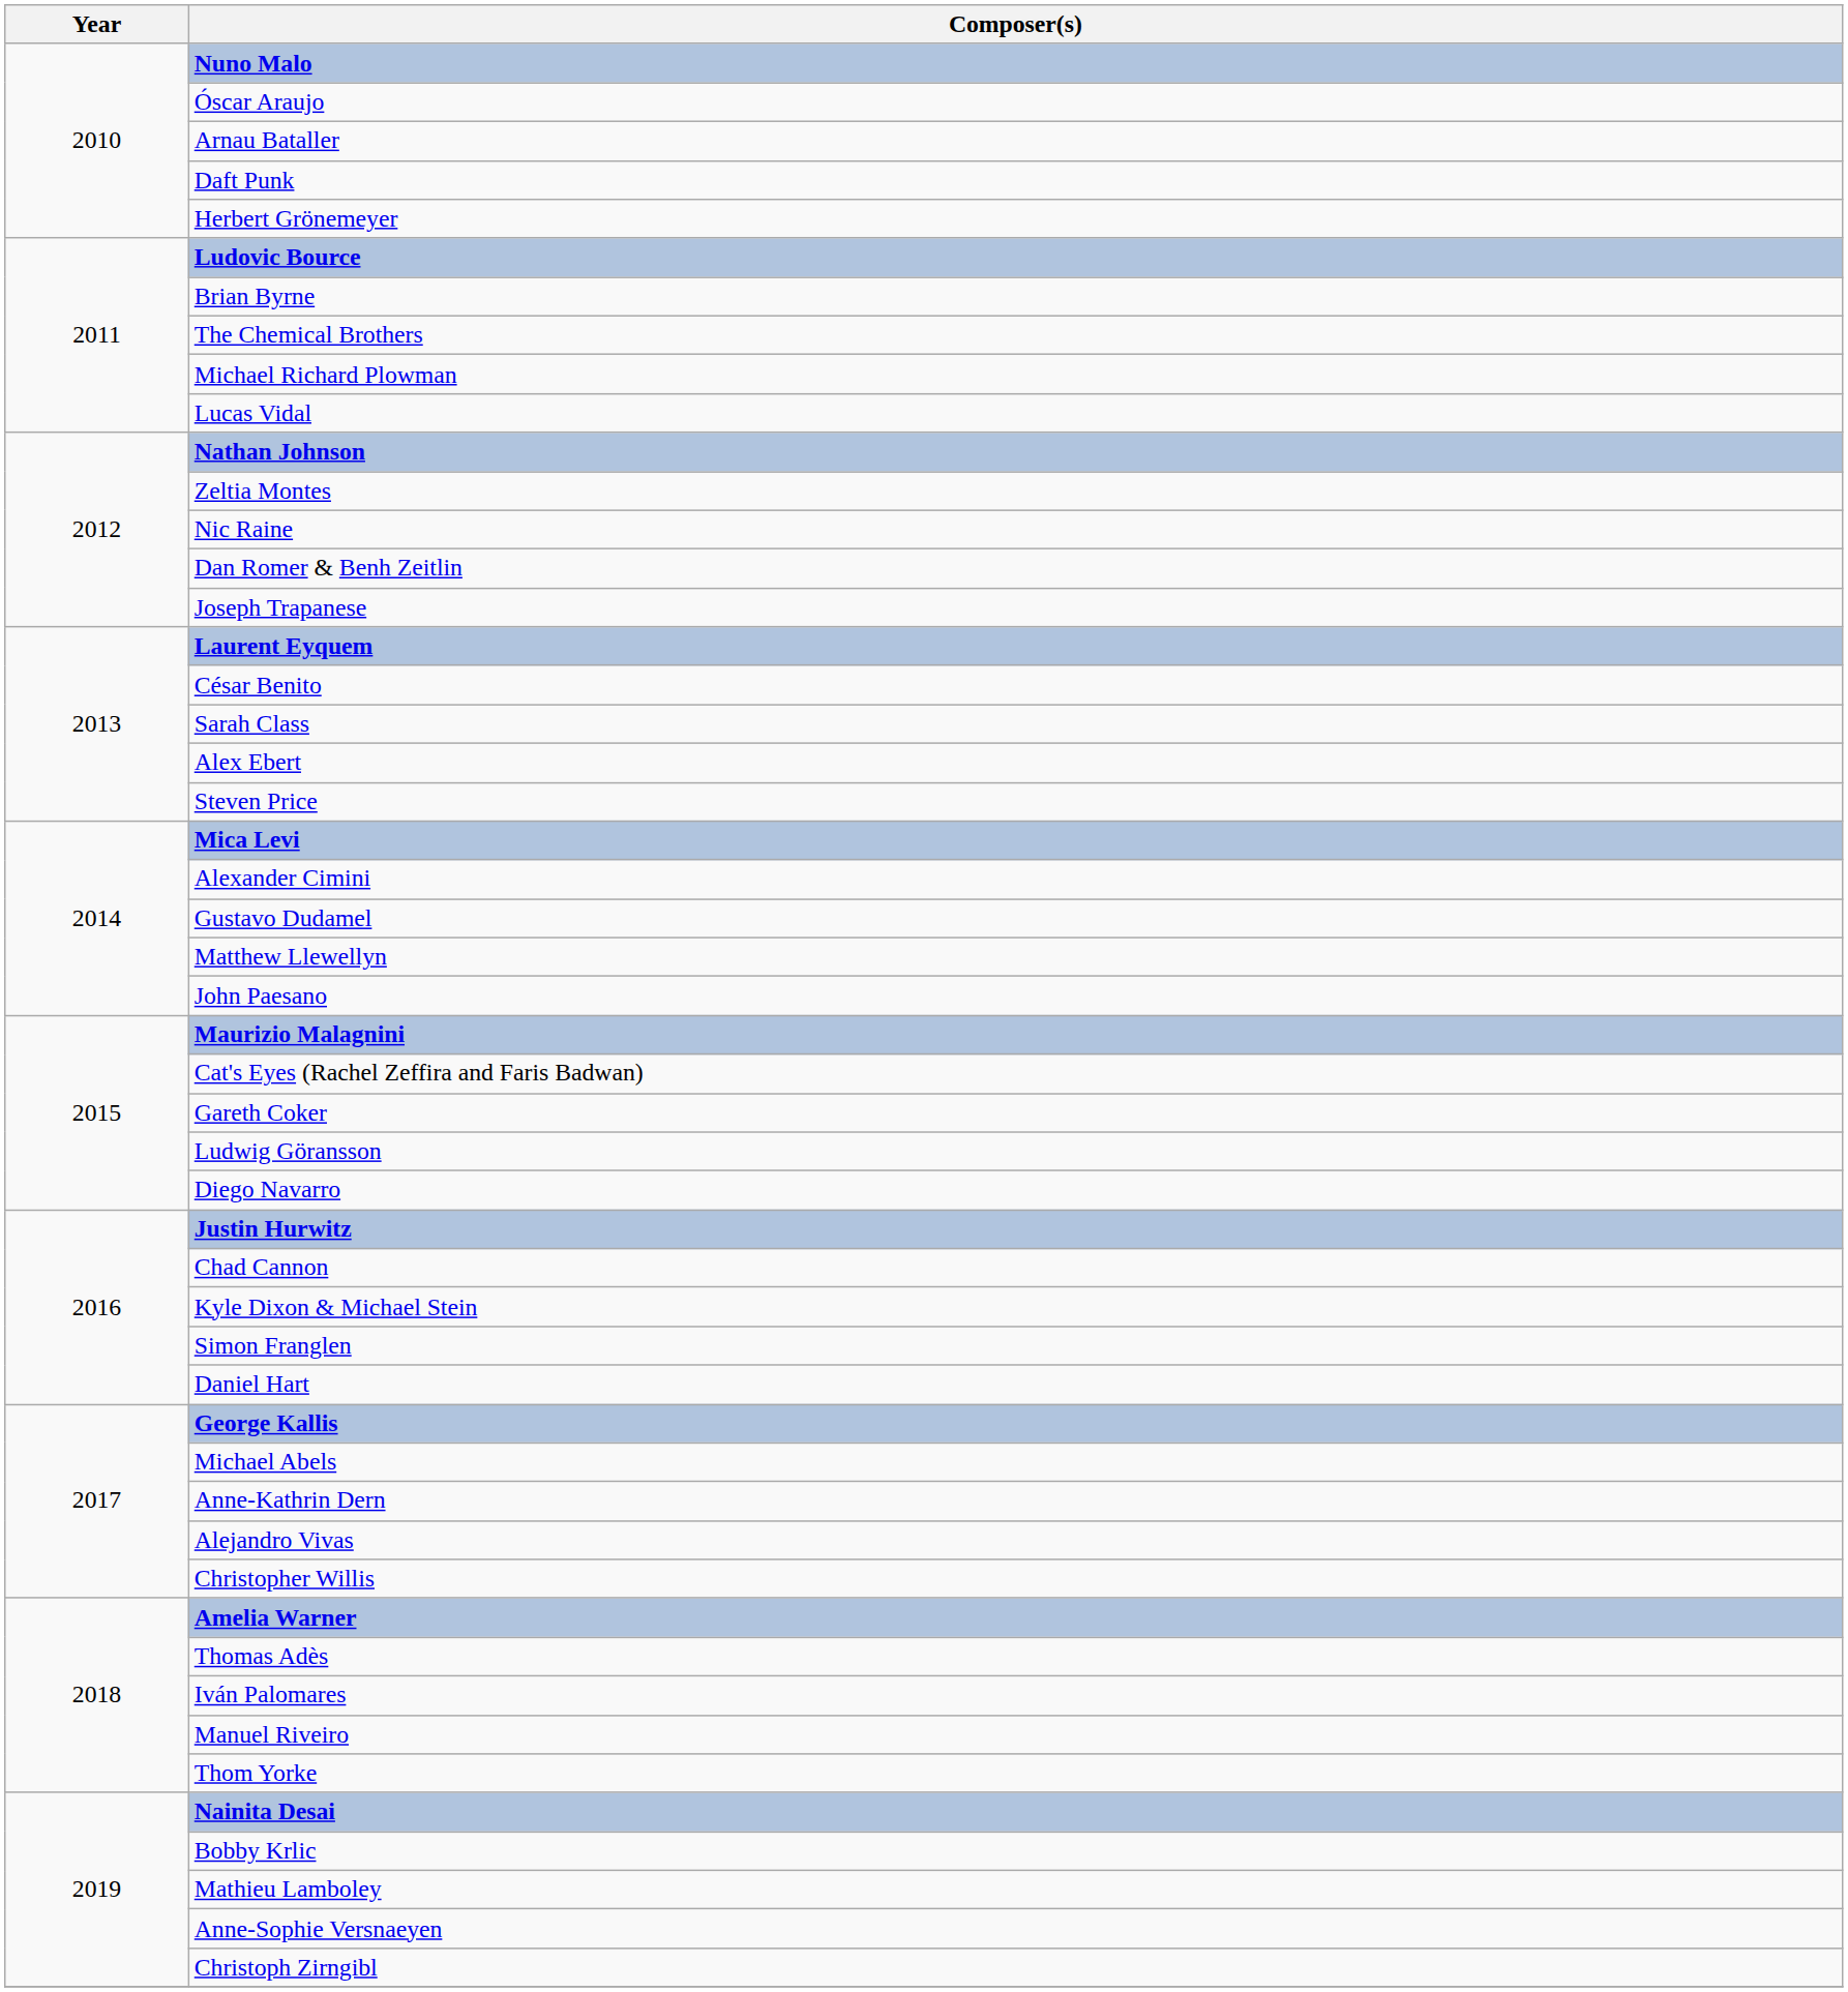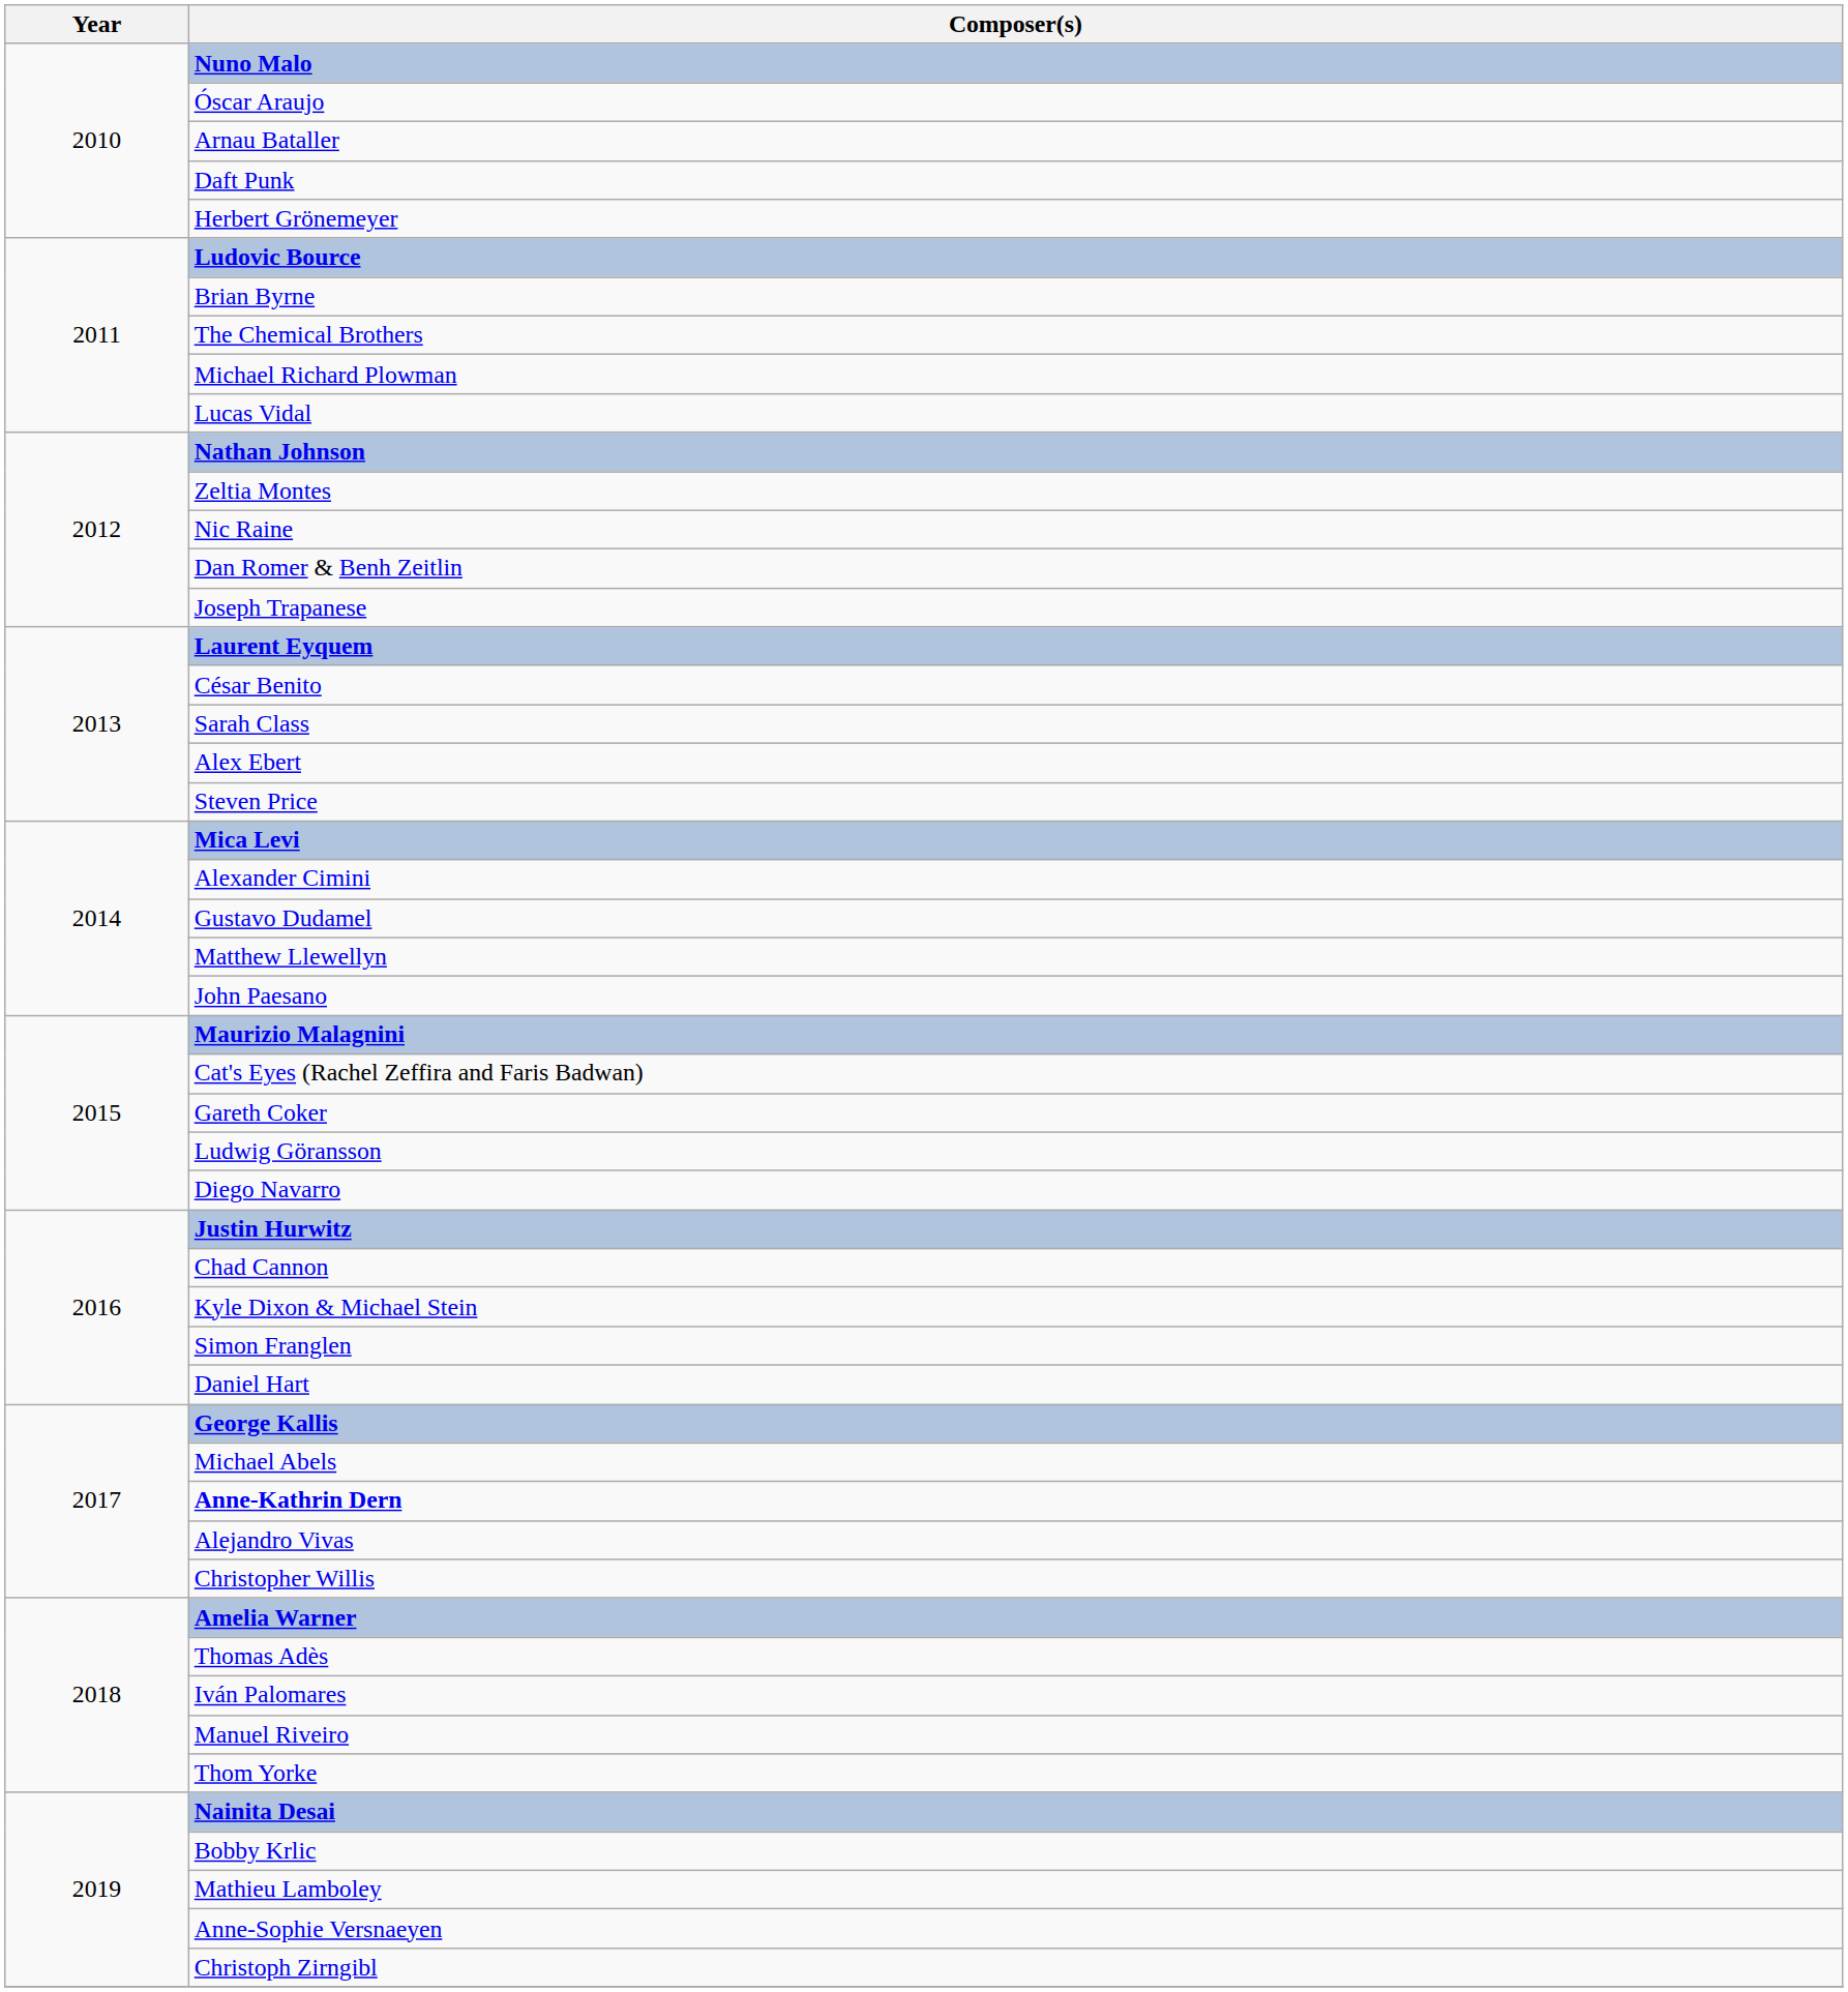 <table class="wikitable" width="95%" cellpadding="5">
 <tr>
 <th width="10%">Year</th>
 <th width="90%">Composer(s)</th>
 </tr>
 <tr>
 <td rowspan="5" style="text-align:center;">2010<br></td>
 <td style="background:#B0C4DE;"><strong><a href='#'>Nuno Malo</a></strong></td>
 </tr>
 <tr>
 <td><a href='#'>Óscar Araujo</a></td>
 </tr>
 <tr>
 <td><a href='#'>Arnau Bataller</a></td>
 </tr>
 <tr>
 <td><a href='#'>Daft Punk</a></td>
 </tr>
 <tr>
 <td><a href='#'>Herbert Grönemeyer</a></td>
 </tr>
 <tr>
 <td rowspan="5" style="text-align:center;">2011<br></td>
 <td style="background:#B0C4DE;"><strong><a href='#'>Ludovic Bource</a></strong></td>
 </tr>
 <tr>
 <td><a href='#'>Brian Byrne</a></td>
 </tr>
 <tr>
 <td><a href='#'>The Chemical Brothers</a></td>
 </tr>
 <tr>
 <td><a href='#'>Michael Richard Plowman</a></td>
 </tr>
 <tr>
 <td><a href='#'>Lucas Vidal</a></td>
 </tr>
 <tr>
 <td rowspan="5" style="text-align:center;">2012<br></td>
 <td style="background:#B0C4DE;"><strong><a href='#'>Nathan Johnson</a></strong></td>
 </tr>
 <tr>
 <td><a href='#'>Zeltia Montes</a></td>
 </tr>
 <tr>
 <td><a href='#'>Nic Raine</a></td>
 </tr>
 <tr>
 <td><a href='#'>Dan Romer</a> & <a href='#'>Benh Zeitlin</a></td>
 </tr>
 <tr>
 <td><a href='#'>Joseph Trapanese</a></td>
 </tr>
 <tr>
 <td rowspan="5" style="text-align:center;">2013<br></td>
 <td style="background:#B0C4DE;"><strong><a href='#'>Laurent Eyquem</a></strong></td>
 </tr>
 <tr>
 <td><a href='#'>César Benito</a></td>
 </tr>
 <tr>
 <td><a href='#'>Sarah Class</a></td>
 </tr>
 <tr>
 <td><a href='#'>Alex Ebert</a></td>
 </tr>
 <tr>
 <td><a href='#'>Steven Price</a></td>
 </tr>
 <tr>
 <td rowspan="5" style="text-align:center;">2014<br></td>
 <td style="background:#B0C4DE;"><strong><a href='#'>Mica Levi</a></strong></td>
 </tr>
 <tr>
 <td><a href='#'>Alexander Cimini</a></td>
 </tr>
 <tr>
 <td><a href='#'>Gustavo Dudamel</a></td>
 </tr>
 <tr>
 <td><a href='#'>Matthew Llewellyn</a></td>
 </tr>
 <tr>
 <td><a href='#'>John Paesano</a></td>
 </tr>
 <tr>
 <td rowspan="5" style="text-align:center;">2015<br></td>
 <td style="background:#B0C4DE;"><strong><a href='#'>Maurizio Malagnini</a></strong></td>
 </tr>
 <tr>
 <td><a href='#'>Cat's Eyes</a> (Rachel Zeffira and Faris Badwan)</td>
 </tr>
 <tr>
 <td><a href='#'>Gareth Coker</a></td>
 </tr>
 <tr>
 <td><a href='#'>Ludwig Göransson</a></td>
 </tr>
 <tr>
 <td><a href='#'>Diego Navarro</a></td>
 </tr>
 <tr>
 <td rowspan="5" style="text-align:center;">2016<br></td>
 <td style="background:#B0C4DE;"><strong><a href='#'>Justin Hurwitz</a></strong></td>
 </tr>
 <tr>
 <td><a href='#'>Chad Cannon</a></td>
 </tr>
 <tr>
 <td><a href='#'>Kyle Dixon & Michael Stein</a></td>
 </tr>
 <tr>
 <td><a href='#'>Simon Franglen</a></td>
 </tr>
 <tr>
 <td><a href='#'>Daniel Hart</a></td>
 </tr>
 <tr>
 <td rowspan="5" style="text-align:center;">2017<br></td>
 <td style="background:#B0C4DE;"><strong><a href='#'>George Kallis</a></strong></td>
 </tr>
 <tr>
 <td><a href='#'>Michael Abels</a></td>
 </tr>
 <tr>
-<td><a href='#'>Anne-Kathrin Dern</a></td>
+<td><strong><a href='#'>Anne-Kathrin Dern</a></strong></td>
 </tr>
 <tr>
 <td><a href='#'>Alejandro Vivas</a></td>
 </tr>
 <tr>
 <td><a href='#'>Christopher Willis</a></td>
 </tr>
 <tr>
 <td rowspan="5" style="text-align:center;">2018<br></td>
 <td style="background:#B0C4DE;"><strong><a href='#'>Amelia Warner</a></strong></td>
 </tr>
 <tr>
 <td><a href='#'>Thomas Adès</a></td>
 </tr>
 <tr>
 <td><a href='#'>Iván Palomares</a></td>
 </tr>
 <tr>
 <td><a href='#'>Manuel Riveiro</a></td>
 </tr>
 <tr>
 <td><a href='#'>Thom Yorke</a></td>
 </tr>
 <tr>
 <td rowspan="5" style="text-align:center;">2019<br></td>
 <td style="background:#B0C4DE;"><strong><a href='#'>Nainita Desai</a></strong></td>
 </tr>
 <tr>
 <td><a href='#'>Bobby Krlic</a></td>
 </tr>
 <tr>
 <td><a href='#'>Mathieu Lamboley</a></td>
 </tr>
 <tr>
 <td><a href='#'>Anne-Sophie Versnaeyen</a></td>
 </tr>
 <tr>
 <td><a href='#'>Christoph Zirngibl</a></td>
 </tr>
 <tr>
 </tr>
 </table>
